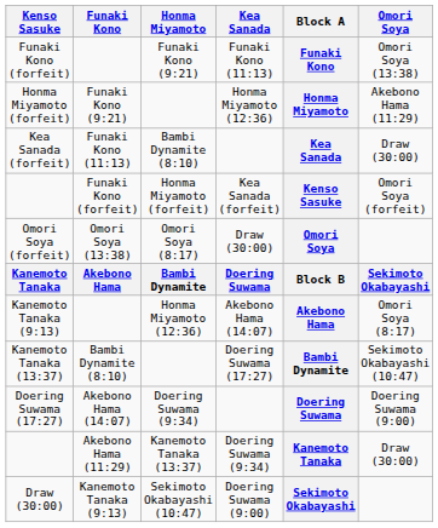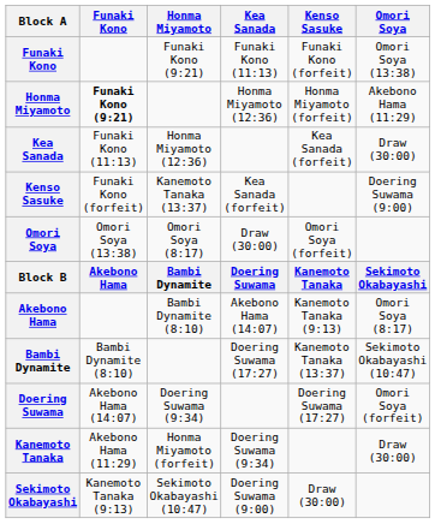 <table class="wikitable" style="text-align:center; margin: 1em auto 1em auto">
 <tr>
-<th><a href='#'>Kenso</a><br><a href='#'>Sasuke</a></th>
+<th>Block A</th>
 <th><a href='#'>Funaki</a><br><a href='#'>Kono</a></th>
 <th><a href='#'>Honma</a><br><a href='#'>Miyamoto</a></th>
 <th><a href='#'>Kea</a><br><a href='#'>Sanada</a></th>
-<th>Block A</th>
+<th><a href='#'>Kenso</a><br><a href='#'>Sasuke</a></th>
 <th><a href='#'>Omori</a><br><a href='#'>Soya</a></th>
 </tr>
 <tr align="center">
-<td>Funaki<br>Kono<br>(forfeit)</td>
+<th><a href='#'>Funaki</a><br><a href='#'>Kono</a></th>
 <td></td>
 <td>Funaki<br>Kono<br>(9:21)</td>
 <td>Funaki<br>Kono<br>(11:13)</td>
-<th><a href='#'>Funaki</a><br><a href='#'>Kono</a></th>
+<td>Funaki<br>Kono<br>(forfeit)</td>
 <td>Omori<br>Soya<br>(13:38)</td>
 </tr>
 <tr align="center">
-<td>Honma<br>Miyamoto<br>(forfeit)</td>
-<td>Funaki<br>Kono<br>(9:21)</td>
+<th><a href='#'>Honma</a><br><a href='#'>Miyamoto</a></th>
+<td><strong>Funaki<br>Kono<br>(9:21)</strong></td>
 <td></td>
 <td>Honma<br>Miyamoto<br>(12:36)</td>
-<th><a href='#'>Honma</a><br><a href='#'>Miyamoto</a></th>
+<td>Honma<br>Miyamoto<br>(forfeit)</td>
 <td>Akebono<br>Hama<br>(11:29)</td>
 </tr>
 <tr align="center">
+<th><a href='#'>Kea</a><br><a href='#'>Sanada</a></th>
+<td>Funaki<br>Kono<br>(11:13)</td>
+<td>Honma<br>Miyamoto<br>(12:36)</td>
+<td></td>
 <td>Kea<br>Sanada<br>(forfeit)</td>
-<td>Funaki<br>Kono<br>(11:13)</td>
-<td>Bambi<br>Dynamite<br>(8:10)</td>
-<td></td>
-<th><a href='#'>Kea</a><br><a href='#'>Sanada</a></th>
 <td>Draw<br>(30:00)</td>
 </tr>
 <tr align="center">
+<th><a href='#'>Kenso</a><br><a href='#'>Sasuke</a></th>
+<td>Funaki<br>Kono<br>(forfeit)</td>
+<td>Kanemoto<br>Tanaka<br>(13:37)</td>
+<td>Kea<br>Sanada<br>(forfeit)</td>
 <td></td>
-<td>Funaki<br>Kono<br>(forfeit)</td>
-<td>Honma<br>Miyamoto<br>(forfeit)</td>
-<td>Kea<br>Sanada<br>(forfeit)</td>
-<th><a href='#'>Kenso</a><br><a href='#'>Sasuke</a></th>
+<td>Doering<br>Suwama<br>(9:00)</td>
+</tr>
+<tr align="center">
+<th><a href='#'>Omori</a><br><a href='#'>Soya</a></th>
+<td>Omori<br>Soya<br>(13:38)</td>
+<td>Omori<br>Soya<br>(8:17)</td>
+<td>Draw<br>(30:00)</td>
+<td>Omori<br>Soya<br>(forfeit)</td>
+<td></td>
+</tr>
+<tr align="center">
+<th>Block B</th>
+<th><a href='#'>Akebono</a><br><a href='#'>Hama</a></th>
+<th><a href='#'>Bambi</a><br>Dynamite</th>
+<th><a href='#'>Doering</a><br><a href='#'>Suwama</a></th>
+<th><a href='#'>Kanemoto</a><br><a href='#'>Tanaka</a></th>
+<th><a href='#'>Sekimoto</a><br><a href='#'>Okabayashi</a></th>
+</tr>
+<tr align="center">
+<th><a href='#'>Akebono</a><br><a href='#'>Hama</a></th>
+<td></td>
+<td>Bambi<br>Dynamite<br>(8:10)</td>
+<td>Akebono<br>Hama<br>(14:07)</td>
+<td>Kanemoto<br>Tanaka<br>(9:13)</td>
+<td>Omori<br>Soya<br>(8:17)</td>
+</tr>
+<tr align="center">
+<th><a href='#'>Bambi</a><br>Dynamite</th>
+<td>Bambi<br>Dynamite<br>(8:10)</td>
+<td></td>
+<td>Doering<br>Suwama<br>(17:27)</td>
+<td>Kanemoto<br>Tanaka<br>(13:37)</td>
+<td>Sekimoto<br>Okabayashi<br>(10:47)</td>
+</tr>
+<tr align="center">
+<th><a href='#'>Doering</a><br><a href='#'>Suwama</a></th>
+<td>Akebono<br>Hama<br>(14:07)</td>
+<td>Doering<br>Suwama<br>(9:34)</td>
+<td></td>
+<td>Doering<br>Suwama<br>(17:27)</td>
 <td>Omori<br>Soya<br>(forfeit)</td>
 </tr>
 <tr align="center">
-<td>Omori<br>Soya<br>(forfeit)</td>
-<td>Omori<br>Soya<br>(13:38)</td>
-<td>Omori<br>Soya<br>(8:17)</td>
-<td>Draw<br>(30:00)</td>
-<th><a href='#'>Omori</a><br><a href='#'>Soya</a></th>
-<td></td>
-</tr>
-<tr align="center">
 <th><a href='#'>Kanemoto</a><br><a href='#'>Tanaka</a></th>
-<th><a href='#'>Akebono</a><br><a href='#'>Hama</a></th>
-<th><a href='#'>Bambi</a><br>Dynamite</th>
-<th><a href='#'>Doering</a><br><a href='#'>Suwama</a></th>
-<th>Block B</th>
-<th><a href='#'>Sekimoto</a><br><a href='#'>Okabayashi</a></th>
-</tr>
-<tr align="center">
-<td>Kanemoto<br>Tanaka<br>(9:13)</td>
-<td></td>
-<td>Honma<br>Miyamoto<br>(12:36)</td>
-<td>Akebono<br>Hama<br>(14:07)</td>
-<th><a href='#'>Akebono</a><br><a href='#'>Hama</a></th>
-<td>Omori<br>Soya<br>(8:17)</td>
-</tr>
-<tr align="center">
-<td>Kanemoto<br>Tanaka<br>(13:37)</td>
-<td>Bambi<br>Dynamite<br>(8:10)</td>
-<td></td>
-<td>Doering<br>Suwama<br>(17:27)</td>
-<th><a href='#'>Bambi</a><br>Dynamite</th>
-<td>Sekimoto<br>Okabayashi<br>(10:47)</td>
-</tr>
-<tr align="center">
-<td>Doering<br>Suwama<br>(17:27)</td>
-<td>Akebono<br>Hama<br>(14:07)</td>
+<td>Akebono<br>Hama<br>(11:29)</td>
+<td>Honma<br>Miyamoto<br>(forfeit)</td>
 <td>Doering<br>Suwama<br>(9:34)</td>
 <td></td>
-<th><a href='#'>Doering</a><br><a href='#'>Suwama</a></th>
-<td>Doering<br>Suwama<br>(9:00)</td>
-</tr>
-<tr align="center">
-<td></td>
-<td>Akebono<br>Hama<br>(11:29)</td>
-<td>Kanemoto<br>Tanaka<br>(13:37)</td>
-<td>Doering<br>Suwama<br>(9:34)</td>
-<th><a href='#'>Kanemoto</a><br><a href='#'>Tanaka</a></th>
 <td>Draw<br>(30:00)</td>
 </tr>
 <tr align="center">
-<td>Draw<br>(30:00)</td>
+<th><a href='#'>Sekimoto</a><br><a href='#'>Okabayashi</a></th>
 <td>Kanemoto<br>Tanaka<br>(9:13)</td>
 <td>Sekimoto<br>Okabayashi<br>(10:47)</td>
 <td>Doering<br>Suwama<br>(9:00)</td>
-<th><a href='#'>Sekimoto</a><br><a href='#'>Okabayashi</a></th>
+<td>Draw<br>(30:00)</td>
 <td></td>
 </tr>
 </table>
